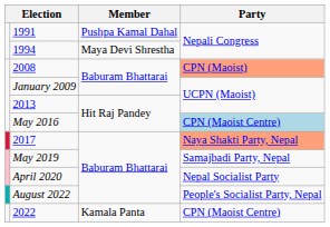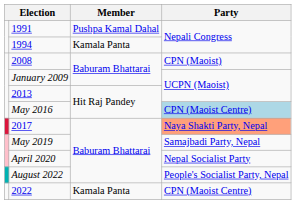 <table class="wikitable">
 <tr>
 <th colspan="2">Election</th>
 <th>Member</th>
 <th>Party</th>
 </tr>
 <tr>
 <td rowspan="2" style="background-color:"></td>
 <td><a href='#'>1991</a></td>
 <td><a href='#'>Pushpa Kamal Dahal</a></td>
 <td rowspan="2"><a href='#'>Nepali Congress</a></td>
 </tr>
 <tr>
 <td><a href='#'>1994</a></td>
-<td>Maya Devi Shrestha</td>
+<td>Kamala Panta</td>
 </tr>
 <tr>
 <td rowspan="4" style="background-color:"></td>
 <td><a href='#'>2008</a></td>
 <td rowspan="2"><a href='#'>Baburam Bhattarai</a></td>
-<td style="background: lightsalmon;"><a href='#'>CPN (Maoist)</a></td>
+<td><a href='#'>CPN (Maoist)</a></td>
 </tr>
 <tr>
 <td><em>January 2009</em></td>
 <td rowspan="2"><a href='#'>UCPN (Maoist)</a></td>
 </tr>
 <tr>
 <td><a href='#'>2013</a></td>
 <td rowspan="2">Hit Raj Pandey</td>
 </tr>
 <tr>
 <td><em>May 2016</em></td>
 <td style="background: lightblue;"><a href='#'>CPN (Maoist Centre)</a></td>
 </tr>
 <tr>
 <td style="background-color:crimson"></td>
 <td><a href='#'>2017</a></td>
 <td rowspan="4"><a href='#'>Baburam Bhattarai</a></td>
 <td style="background: lightsalmon;"><a href='#'>Naya Shakti Party, Nepal</a></td>
 </tr>
 <tr>
 <td rowspan="2" style="background-color:pink"></td>
 <td><em>May 2019</em></td>
 <td><a href='#'>Samajbadi Party, Nepal</a></td>
 </tr>
 <tr>
 <td><em>April 2020</em></td>
 <td><a href='#'>Nepal Socialist Party</a></td>
 </tr>
 <tr>
 <td style="background-color:#00B2B2"></td>
 <td><em>August 2022</em></td>
 <td><a href='#'>People's Socialist Party, Nepal</a></td>
 </tr>
 <tr>
 <td></td>
 <td><a href='#'>2022</a></td>
 <td>Kamala Panta</td>
 <td><a href='#'>CPN (Maoist Centre)</a></td>
 </tr>
 </table>
